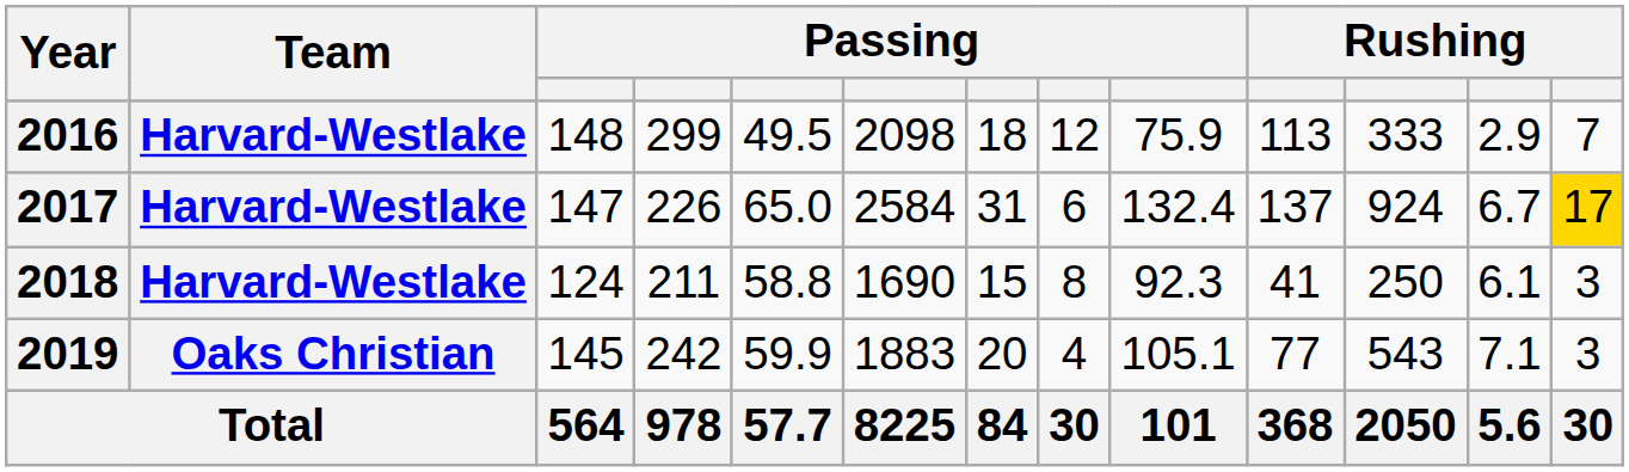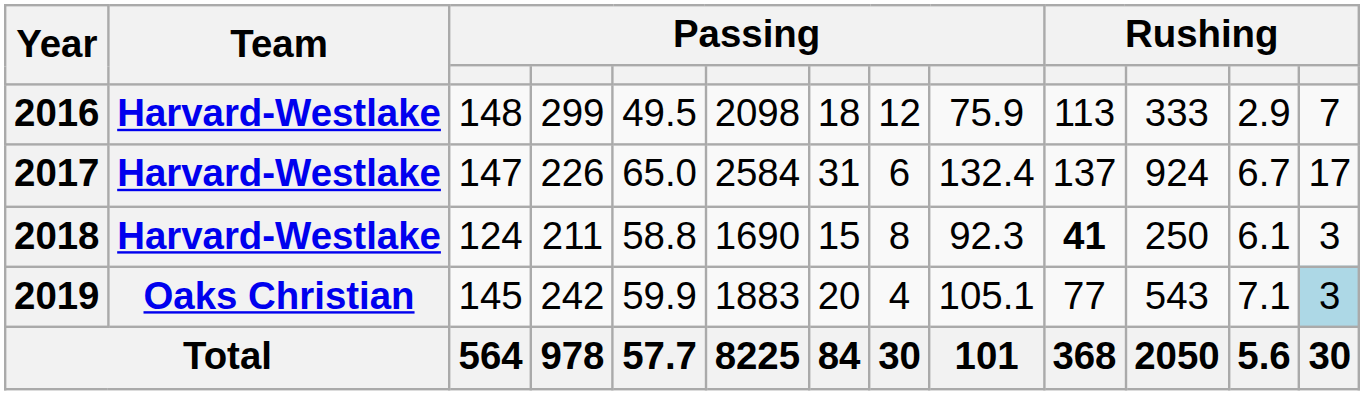 <table class="wikitable" style="text-align:center;">
 <tr>
 <th rowspan="2">Year</th>
 <th rowspan="2">Team</th>
 <th colspan="7">Passing</th>
 <th colspan="4">Rushing</th>
 </tr>
 <tr>
 <th></th>
 <th></th>
 <th></th>
 <th></th>
 <th></th>
 <th></th>
 <th></th>
 <th></th>
 <th></th>
 <th></th>
 <th></th>
 </tr>
 <tr>
 <th><strong>2016</strong></th>
 <th><a href='#'>Harvard-Westlake</a></th>
 <td>148</td>
 <td>299</td>
 <td>49.5</td>
 <td>2098</td>
 <td>18</td>
 <td>12</td>
 <td>75.9</td>
 <td>113</td>
 <td>333</td>
 <td>2.9</td>
 <td>7</td>
 </tr>
 <tr>
 <th><strong>2017</strong></th>
 <th><a href='#'>Harvard-Westlake</a></th>
 <td>147</td>
 <td>226</td>
 <td>65.0</td>
 <td>2584</td>
 <td>31</td>
 <td>6</td>
 <td>132.4</td>
 <td>137</td>
 <td>924</td>
 <td>6.7</td>
-<td style="background: gold;">17</td>
+<td>17</td>
 </tr>
 <tr>
 <th><strong>2018</strong></th>
 <th><a href='#'>Harvard-Westlake</a></th>
 <td>124</td>
 <td>211</td>
 <td>58.8</td>
 <td>1690</td>
 <td>15</td>
 <td>8</td>
 <td>92.3</td>
-<td>41</td>
+<td><strong>41</strong></td>
 <td>250</td>
 <td>6.1</td>
 <td>3</td>
 </tr>
 <tr>
 <th><strong>2019</strong></th>
 <th><a href='#'>Oaks Christian</a></th>
 <td>145</td>
 <td>242</td>
 <td>59.9</td>
 <td>1883</td>
 <td>20</td>
 <td>4</td>
 <td>105.1</td>
 <td>77</td>
 <td>543</td>
 <td>7.1</td>
-<td>3</td>
+<td style="background: lightblue;">3</td>
 </tr>
 <tr>
 <th colspan="2">Total</th>
 <th>564</th>
 <th>978</th>
 <th>57.7</th>
 <th>8225</th>
 <th>84</th>
 <th>30</th>
 <th>101</th>
 <th>368</th>
 <th>2050</th>
 <th>5.6</th>
 <th>30</th>
 </tr>
 </table>
